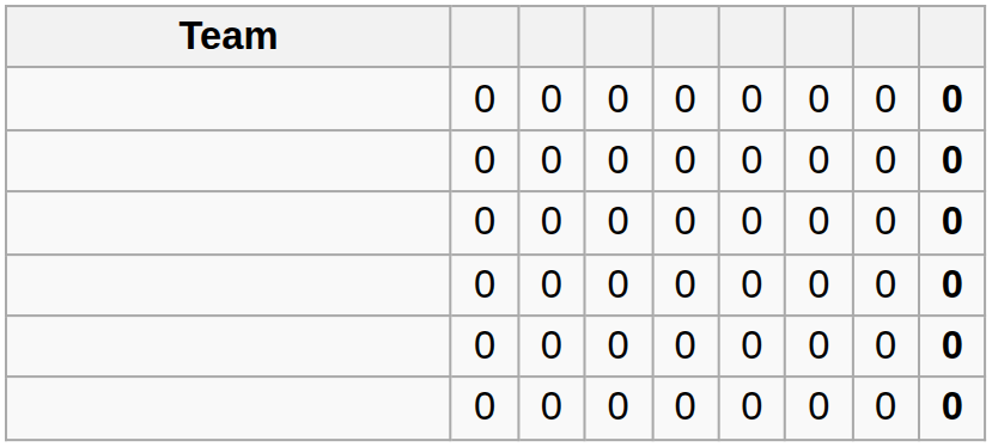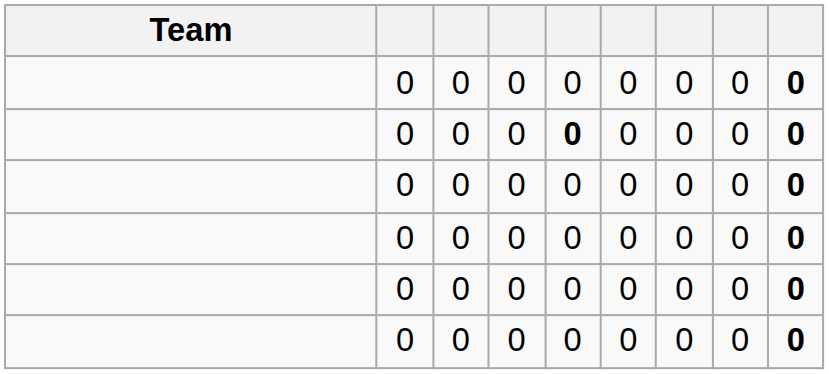 <table class="wikitable" style="text-align:center">
 <tr>
 <th width="175">Team</th>
 <th width="20"></th>
 <th width="20"></th>
 <th width="20"></th>
 <th width="20"></th>
 <th width="20"></th>
 <th width="20"></th>
 <th width="20"></th>
 <th width="20"></th>
 </tr>
 <tr>
 <td align=left></td>
 <td>0</td>
 <td>0</td>
 <td>0</td>
 <td>0</td>
 <td>0</td>
 <td>0</td>
 <td>0</td>
 <td><strong>0</strong></td>
 </tr>
 <tr>
 <td align=left></td>
 <td>0</td>
 <td>0</td>
 <td>0</td>
-<td>0</td>
+<td><strong>0</strong></td>
 <td>0</td>
 <td>0</td>
 <td>0</td>
 <td><strong>0</strong></td>
 </tr>
 <tr>
 <td align=left></td>
 <td>0</td>
 <td>0</td>
 <td>0</td>
 <td>0</td>
 <td>0</td>
 <td>0</td>
 <td>0</td>
 <td><strong>0</strong></td>
 </tr>
 <tr>
 <td align=left></td>
 <td>0</td>
 <td>0</td>
 <td>0</td>
 <td>0</td>
 <td>0</td>
 <td>0</td>
 <td>0</td>
 <td><strong>0</strong></td>
 </tr>
 <tr>
 <td align=left></td>
 <td>0</td>
 <td>0</td>
 <td>0</td>
 <td>0</td>
 <td>0</td>
 <td>0</td>
 <td>0</td>
 <td><strong>0</strong></td>
 </tr>
 <tr>
 <td align=left></td>
 <td>0</td>
 <td>0</td>
 <td>0</td>
 <td>0</td>
 <td>0</td>
 <td>0</td>
 <td>0</td>
 <td><strong>0</strong></td>
 </tr>
 </table>
